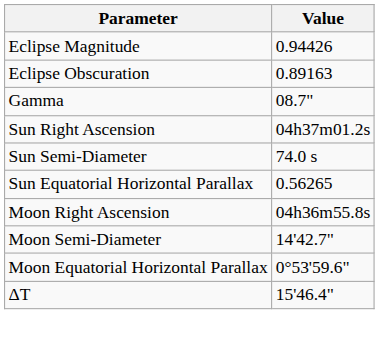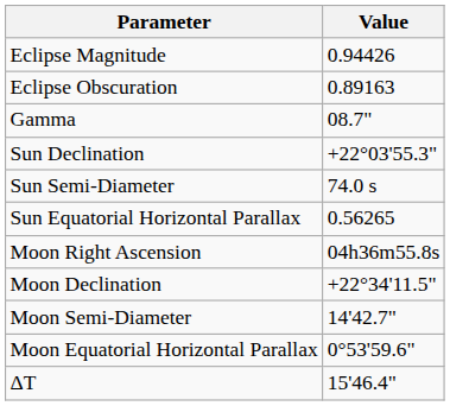 <table class="wikitable">
 <tr>
 <th>Parameter</th>
 <th>Value</th>
 </tr>
 <tr>
 <td>Eclipse Magnitude</td>
 <td>0.94426</td>
 </tr>
 <tr>
 <td>Eclipse Obscuration</td>
 <td>0.89163</td>
 </tr>
 <tr>
 <td>Gamma</td>
 <td>08.7"</td>
 </tr>
 <tr>
-<td>Sun Right Ascension</td>
-<td>04h37m01.2s</td>
+<td>Sun Declination</td>
+<td>+22°03'55.3"</td>
 </tr>
 <tr>
 <td>Sun Semi-Diameter</td>
 <td>74.0 s</td>
 </tr>
 <tr>
 <td>Sun Equatorial Horizontal Parallax</td>
 <td>0.56265</td>
 </tr>
 <tr>
 <td>Moon Right Ascension</td>
 <td>04h36m55.8s</td>
 </tr>
 <tr>
+<td>Moon Declination</td>
+<td>+22°34'11.5"</td>
+</tr>
+<tr>
 <td>Moon Semi-Diameter</td>
 <td>14'42.7"</td>
 </tr>
 <tr>
 <td>Moon Equatorial Horizontal Parallax</td>
 <td>0°53'59.6"</td>
 </tr>
 <tr>
 <td>ΔT</td>
 <td>15'46.4"</td>
 </tr>
 </table>
